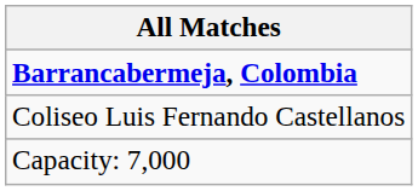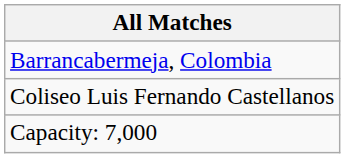 <table class="wikitable">
 <tr>
 <th>All Matches</th>
 </tr>
 <tr>
-<td><strong> <a href='#'>Barrancabermeja</a>, <a href='#'>Colombia</a></strong></td>
+<td> <a href='#'>Barrancabermeja</a>, <a href='#'>Colombia</a></td>
 </tr>
 <tr>
 <td>Coliseo Luis Fernando Castellanos</td>
 </tr>
 <tr>
 <td>Capacity: 7,000</td>
 </tr>
 </table>
